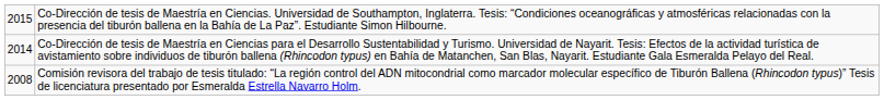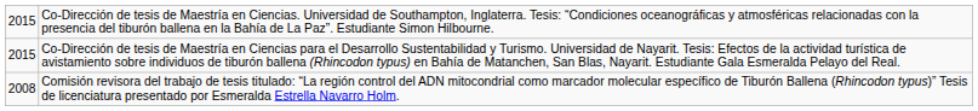 <table class="wikitable">
 <tr>
 <td>2015</td>
 <td>Co-Dirección de tesis de  Maestría en Ciencias. Universidad de Southampton, Inglaterra. Tesis:  “Condiciones oceanográficas y atmosféricas relacionadas con la presencia del  tiburón ballena en la Bahía de La Paz”. Estudiante Simon  Hilbourne.</td>
 </tr>
 <tr>
-<td>2014</td>
+<td>2015</td>
 <td>Co-Dirección de tesis de  Maestría en Ciencias para el Desarrollo Sustentabilidad y Turismo.  Universidad de Nayarit. Tesis: Efectos de la actividad turística de  avistamiento sobre individuos de tiburón ballena <em>(Rhincodon typus)</em> en Bahía de Matanchen, San Blas, Nayarit. Estudiante Gala Esmeralda Pelayo del Real.</td>
 </tr>
 <tr>
 <td>2008</td>
 <td>Comisión revisora del trabajo de tesis titulado: “La  región control del ADN mitocondrial como marcador molecular específico de  Tiburón Ballena (<em>Rhincodon typus</em>)”  Tesis de licenciatura presentado por Esmeralda <a href='#'>Estrella Navarro Holm</a>.</td>
 </tr>
 </table>
